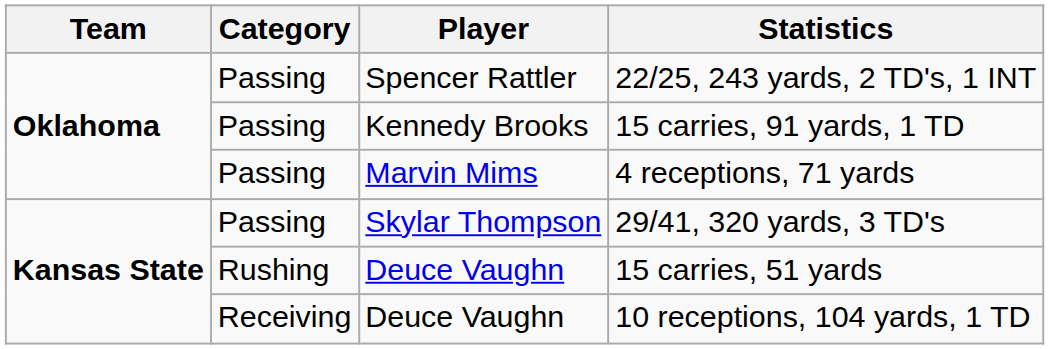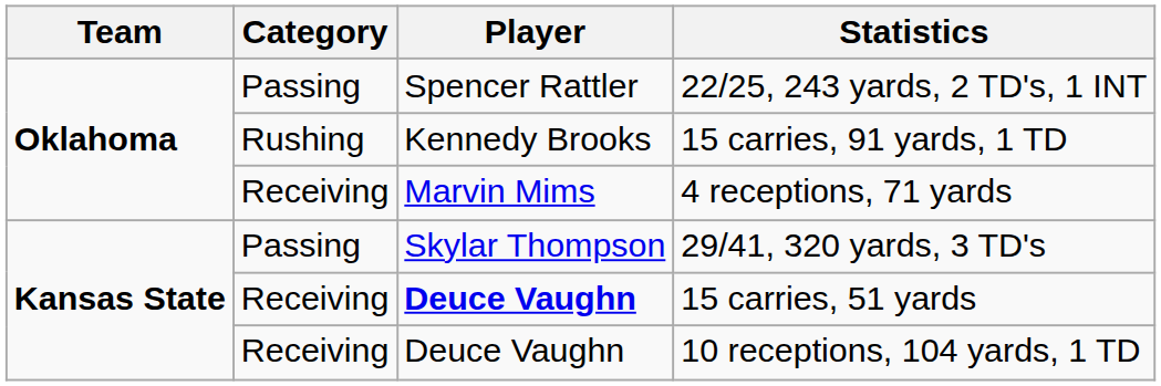 <table class="wikitable" style="float: right;">
 <tr>
 <th>Team</th>
 <th>Category</th>
 <th>Player</th>
 <th>Statistics</th>
 </tr>
 <tr>
 <td rowspan=3><strong>Oklahoma</strong></td>
 <td>Passing</td>
 <td>Spencer Rattler</td>
 <td>22/25, 243 yards, 2 TD's, 1 INT</td>
 </tr>
 <tr>
-<td>Passing</td>
+<td>Rushing</td>
 <td>Kennedy Brooks</td>
 <td>15 carries, 91 yards, 1 TD</td>
 </tr>
 <tr>
-<td>Passing</td>
+<td>Receiving</td>
 <td><a href='#'>Marvin Mims</a></td>
 <td>4 receptions, 71 yards</td>
 </tr>
 <tr>
 <td rowspan=3><strong>Kansas State</strong></td>
 <td>Passing</td>
 <td><a href='#'>Skylar Thompson</a></td>
 <td>29/41, 320 yards, 3 TD's</td>
 </tr>
 <tr>
-<td>Rushing</td>
-<td><a href='#'>Deuce Vaughn</a></td>
+<td>Receiving</td>
+<td><strong><a href='#'>Deuce Vaughn</a></strong></td>
 <td>15 carries, 51 yards</td>
 </tr>
 <tr>
 <td>Receiving</td>
 <td>Deuce Vaughn</td>
 <td>10 receptions, 104 yards, 1 TD</td>
 </tr>
 </table>
